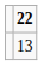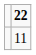 <table class="wikitable" style="font-size:90%">
 <tr>
 <td><strong></strong></td>
 <td><strong>22</strong></td>
 </tr>
 <tr>
 <td></td>
-<td>13</td>
+<td>11</td>
 </tr>
 </table>
